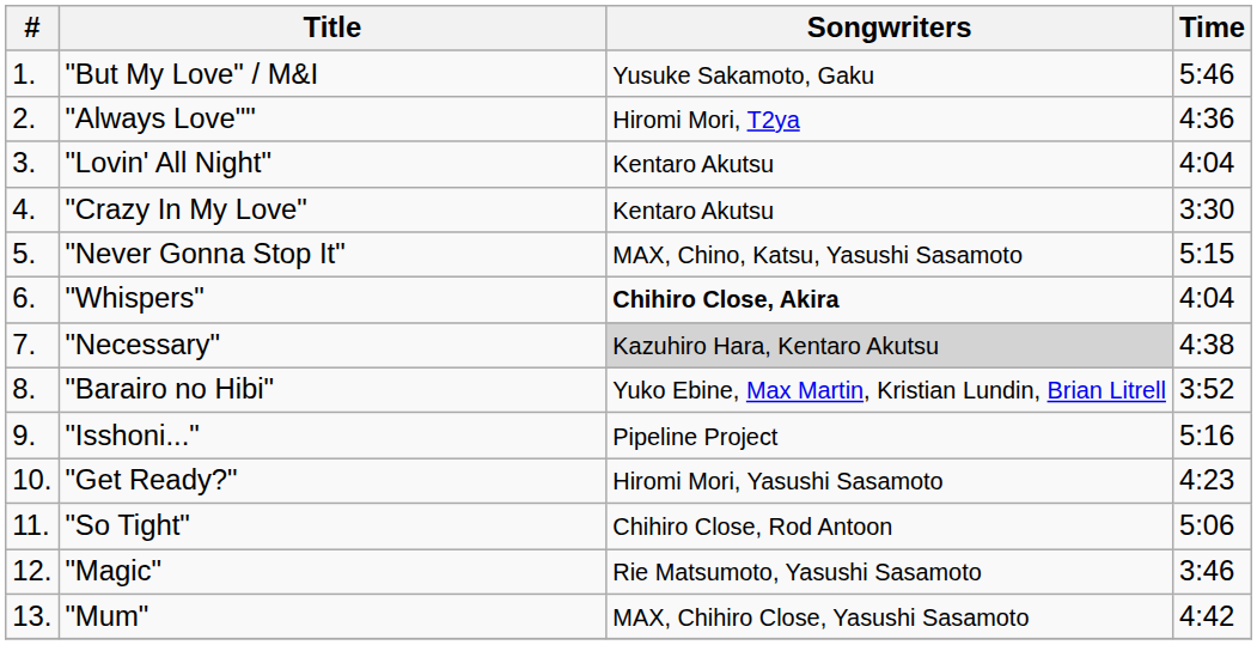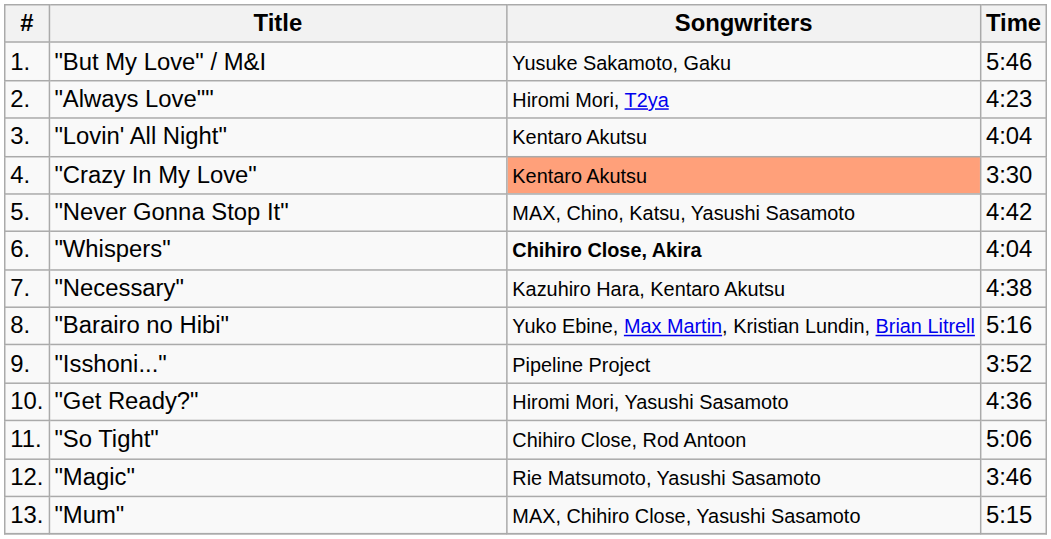 <table class="wikitable">
 <tr>
 <th>#</th>
 <th width="300">Title</th>
 <th>Songwriters</th>
 <th>Time</th>
 </tr>
 <tr>
 <td>1.</td>
 <td>"But My Love" / M&I</td>
 <td><small>Yusuke Sakamoto, Gaku</small></td>
 <td>5:46</td>
 </tr>
 <tr>
 <td>2.</td>
 <td>"Always Love""</td>
 <td><small>Hiromi Mori, <a href='#'>T2ya</a></small></td>
-<td>4:36</td>
+<td>4:23</td>
 </tr>
 <tr>
 <td>3.</td>
 <td>"Lovin' All Night"</td>
 <td><small>Kentaro Akutsu</small></td>
 <td>4:04</td>
 </tr>
 <tr>
 <td>4.</td>
 <td>"Crazy In My Love"</td>
-<td><small>Kentaro Akutsu</small></td>
+<td style="background: lightsalmon;"><small>Kentaro Akutsu</small></td>
 <td>3:30</td>
 </tr>
 <tr>
 <td>5.</td>
 <td>"Never Gonna Stop It"</td>
 <td><small>MAX, Chino, Katsu, Yasushi Sasamoto</small></td>
-<td>5:15</td>
+<td>4:42</td>
 </tr>
 <tr>
 <td>6.</td>
 <td>"Whispers"</td>
 <td><strong><small>Chihiro Close, Akira</small></strong></td>
 <td>4:04</td>
 </tr>
 <tr>
 <td>7.</td>
 <td>"Necessary"</td>
-<td style="background: lightgrey;"><small>Kazuhiro Hara, Kentaro Akutsu</small></td>
+<td><small>Kazuhiro Hara, Kentaro Akutsu</small></td>
 <td>4:38</td>
 </tr>
 <tr>
 <td>8.</td>
 <td>"Barairo no Hibi"</td>
 <td><small>Yuko Ebine, <a href='#'>Max Martin</a>, Kristian Lundin, <a href='#'>Brian Litrell</a></small></td>
-<td>3:52</td>
+<td>5:16</td>
 </tr>
 <tr>
 <td>9.</td>
 <td>"Isshoni..."</td>
 <td><small>Pipeline Project</small></td>
-<td>5:16</td>
+<td>3:52</td>
 </tr>
 <tr>
 <td>10.</td>
 <td>"Get Ready?"</td>
 <td><small>Hiromi Mori, Yasushi Sasamoto</small></td>
-<td>4:23</td>
+<td>4:36</td>
 </tr>
 <tr>
 <td>11.</td>
 <td>"So Tight"</td>
 <td><small>Chihiro Close, Rod Antoon</small></td>
 <td>5:06</td>
 </tr>
 <tr>
 <td>12.</td>
 <td>"Magic"</td>
 <td><small>Rie Matsumoto, Yasushi Sasamoto</small></td>
 <td>3:46</td>
 </tr>
 <tr>
 <td>13.</td>
 <td>"Mum"</td>
 <td><small>MAX, Chihiro Close, Yasushi Sasamoto</small></td>
-<td>4:42</td>
+<td>5:15</td>
 </tr>
 <tr>
 </tr>
 </table>
